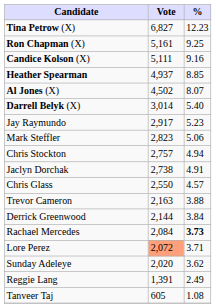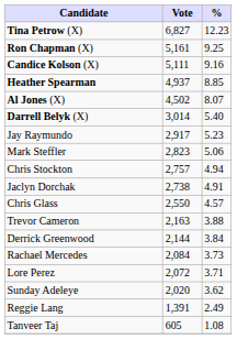 <table class="wikitable">
 <tr>
 <th style="background:#ddf; width:225px;">Candidate</th>
 <th style="background:#ddf; width:50px;">Vote</th>
 <th style="background:#ddf; width:30px;">%</th>
 </tr>
 <tr>
 <td><strong>Tina Petrow</strong> (X)</td>
 <td>6,827</td>
 <td>12.23</td>
 </tr>
 <tr>
 <td><strong>Ron Chapman</strong> (X)</td>
 <td>5,161</td>
 <td>9.25</td>
 </tr>
 <tr>
 <td><strong>Candice Kolson</strong> (X)</td>
 <td>5,111</td>
 <td>9.16</td>
 </tr>
 <tr>
 <td><strong>Heather Spearman</strong></td>
 <td>4,937</td>
 <td>8.85</td>
 </tr>
 <tr>
 <td><strong>Al Jones</strong> (X)</td>
 <td>4,502</td>
 <td>8.07</td>
 </tr>
 <tr>
 <td><strong>Darrell Belyk</strong> (X)</td>
 <td>3,014</td>
 <td>5.40</td>
 </tr>
 <tr>
 <td>Jay Raymundo</td>
 <td>2,917</td>
 <td>5.23</td>
 </tr>
 <tr>
 <td>Mark Steffler</td>
 <td>2,823</td>
 <td>5.06</td>
 </tr>
 <tr>
 <td>Chris Stockton</td>
 <td>2,757</td>
 <td>4.94</td>
 </tr>
 <tr>
 <td>Jaclyn Dorchak</td>
 <td>2,738</td>
 <td>4.91</td>
 </tr>
 <tr>
 <td>Chris Glass</td>
 <td>2,550</td>
 <td>4.57</td>
 </tr>
 <tr>
 <td>Trevor Cameron</td>
 <td>2,163</td>
 <td>3.88</td>
 </tr>
 <tr>
 <td>Derrick Greenwood</td>
 <td>2,144</td>
 <td>3.84</td>
 </tr>
 <tr>
 <td>Rachael Mercedes</td>
 <td>2,084</td>
-<td><strong>3.73</strong></td>
+<td>3.73</td>
 </tr>
 <tr>
 <td>Lore Perez</td>
-<td style="background: lightsalmon;">2,072</td>
+<td>2,072</td>
 <td>3.71</td>
 </tr>
 <tr>
 <td>Sunday Adeleye</td>
 <td>2,020</td>
 <td>3.62</td>
 </tr>
 <tr>
 <td>Reggie Lang</td>
 <td>1,391</td>
 <td>2.49</td>
 </tr>
 <tr>
 <td>Tanveer Taj</td>
 <td>605</td>
 <td>1.08</td>
 </tr>
 <tr>
 </tr>
 </table>
